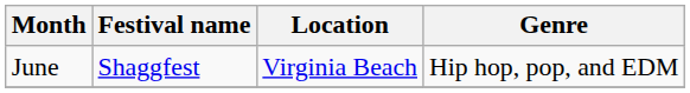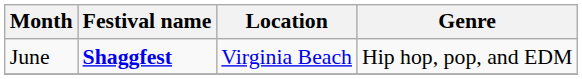 <table class="wikitable sortable">
 <tr>
 <th>Month</th>
 <th>Festival name</th>
 <th>Location</th>
 <th>Genre</th>
 </tr>
 <tr>
 <td>June</td>
-<td><a href='#'>Shaggfest</a></td>
+<td><strong><a href='#'>Shaggfest</a></strong></td>
 <td><a href='#'>Virginia Beach</a></td>
 <td>Hip hop, pop, and EDM</td>
 </tr>
 <tr>
 </tr>
 </table>
